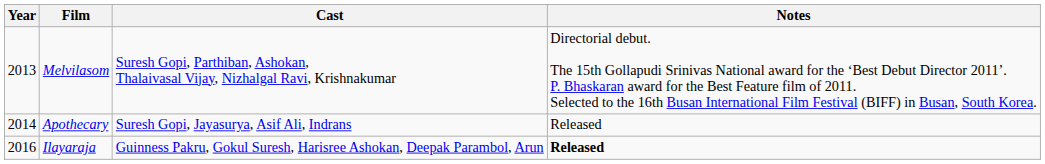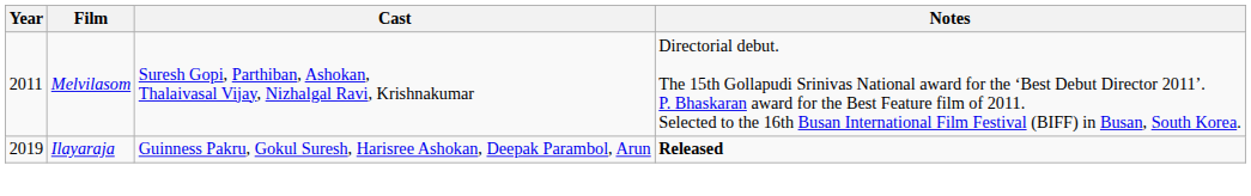 <table class="wikitable">
 <tr>
 <th>Year</th>
 <th>Film</th>
 <th>Cast</th>
 <th>Notes</th>
 </tr>
 <tr>
-<td>2013</td>
+<td>2011</td>
 <td><em><a href='#'>Melvilasom</a></em></td>
 <td><a href='#'>Suresh Gopi</a>, <a href='#'>Parthiban</a>, <a href='#'>Ashokan</a>,<br><a href='#'>Thalaivasal Vijay</a>, <a href='#'>Nizhalgal Ravi</a>, Krishnakumar<br></td>
 <td>Directorial debut. <br><br>The 15th Gollapudi Srinivas National award for the ‘Best Debut Director 2011’.<br> <a href='#'>P. Bhaskaran</a> award for the Best Feature film of 2011.<br> Selected to the 16th <a href='#'>Busan International Film Festival</a> (BIFF) in <a href='#'>Busan</a>, <a href='#'>South Korea</a>.</td>
 </tr>
 <tr>
-<td>2014</td>
-<td><em><a href='#'>Apothecary</a></em></td>
-<td><a href='#'>Suresh Gopi</a>, <a href='#'>Jayasurya</a>, <a href='#'>Asif Ali</a>, <a href='#'>Indrans</a></td>
-<td>Released</td>
-</tr>
-<tr>
-<td>2016</td>
+<td>2019</td>
 <td><em><a href='#'>Ilayaraja</a></em></td>
 <td><a href='#'>Guinness Pakru</a>, <a href='#'>Gokul Suresh</a>, <a href='#'>Harisree Ashokan</a>, <a href='#'>Deepak Parambol</a>, <a href='#'>Arun</a></td>
 <td><strong>Released</strong></td>
 </tr>
 </table>
